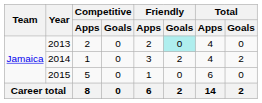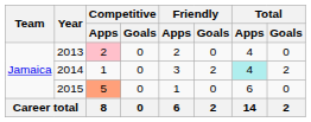 <table class="wikitable" style="text-align:center">
 <tr>
 <th rowspan=2>Team</th>
 <th rowspan=2>Year</th>
 <th colspan=2>Competitive</th>
 <th colspan=2>Friendly</th>
 <th colspan=2>Total</th>
 </tr>
 <tr>
 <th>Apps</th>
 <th>Goals</th>
 <th>Apps</th>
 <th>Goals</th>
 <th>Apps</th>
 <th>Goals</th>
 </tr>
 <tr>
 <td rowspan="3"><a href='#'>Jamaica</a></td>
 <td>2013</td>
+<td style="background: pink;">2</td>
+<td>0</td>
 <td>2</td>
 <td>0</td>
-<td>2</td>
-<td style="background: paleturquoise;">0</td>
 <td>4</td>
 <td>0</td>
 </tr>
 <tr>
 <td>2014</td>
 <td>1</td>
 <td>0</td>
 <td>3</td>
 <td>2</td>
-<td>4</td>
+<td style="background: paleturquoise;">4</td>
 <td>2</td>
 </tr>
 <tr>
 <td>2015</td>
-<td>5</td>
+<td style="background: lightsalmon;">5</td>
 <td>0</td>
 <td>1</td>
 <td>0</td>
 <td>6</td>
 <td>0</td>
 </tr>
 <tr>
 <th colspan="2">Career total</th>
 <th>8</th>
 <th>0</th>
 <th>6</th>
 <th>2</th>
 <th>14</th>
 <th>2</th>
 </tr>
 </table>
